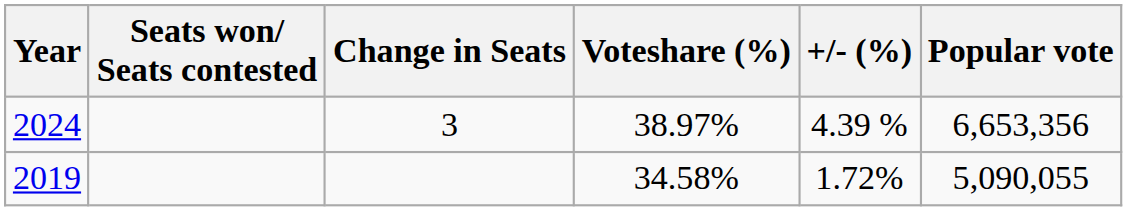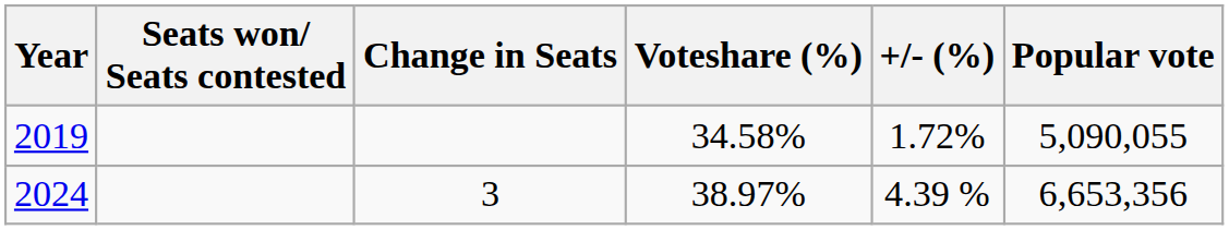 <table class="wikitable sortable">
 <tr>
 <th style="background-color:">Year</th>
 <th style="background-color:">Seats won/<br> Seats contested</th>
 <th style="background-color:">Change in Seats</th>
 <th style="background-color:">Voteshare (%)</th>
 <th style="background-color:">+/- (%)</th>
 <th style="background-color:">Popular vote</th>
 </tr>
 <tr style="text-align:center;">
+<td><a href='#'>2019</a></td>
+<td></td>
+<td></td>
+<td>34.58%</td>
+<td>  1.72%</td>
+<td>5,090,055</td>
+</tr>
+<tr style="text-align:center;">
 <td><a href='#'>2024</a></td>
 <td></td>
 <td> 3</td>
 <td>38.97%</td>
 <td>  4.39	%</td>
 <td>6,653,356</td>
 </tr>
-<tr style="text-align:center;">
-<td><a href='#'>2019</a></td>
-<td></td>
-<td></td>
-<td>34.58%</td>
-<td>  1.72%</td>
-<td>5,090,055</td>
-</tr>
 </table>
